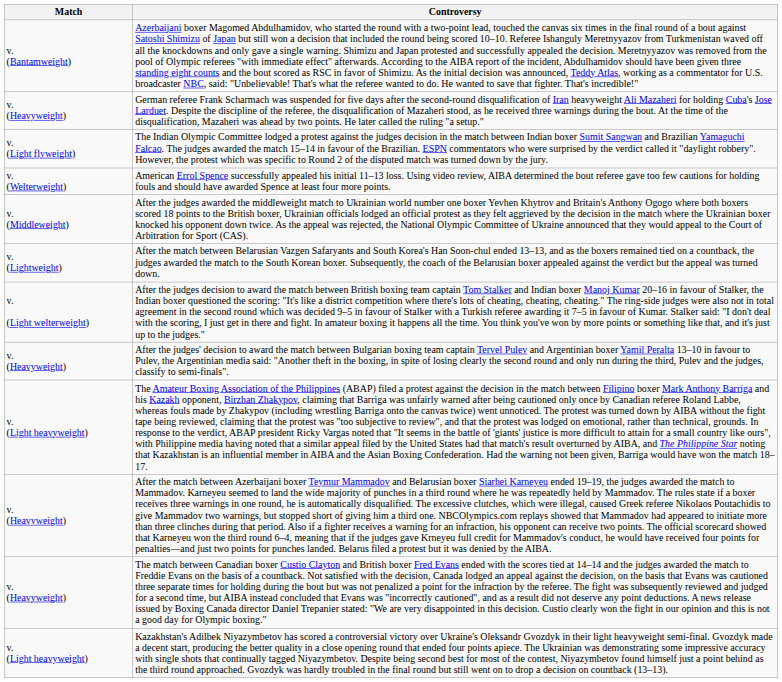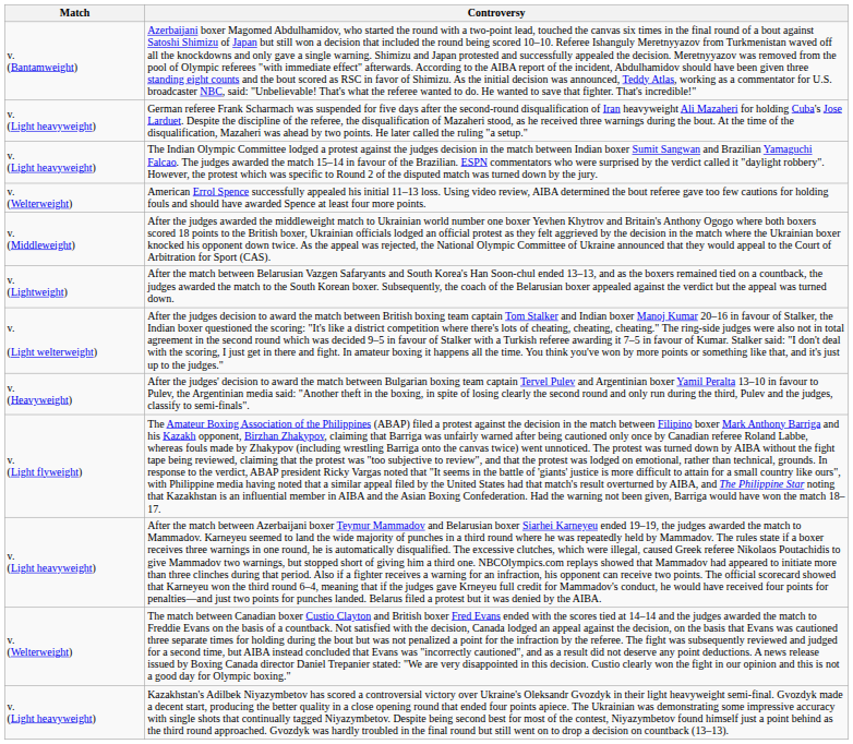 <table class="wikitable">
 <tr>
 <th scope="col" style="width:200px;">Match</th>
 <th>Controversy</th>
 </tr>
 <tr>
 <td> v.<br> (<a href='#'>Bantamweight</a>)</td>
 <td><a href='#'>Azerbaijani</a> boxer Magomed Abdulhamidov, who started the round with a two-point lead, touched the canvas six times in the final round of a bout against <a href='#'>Satoshi Shimizu</a> of <a href='#'>Japan</a> but still won a decision that included the round being scored 10–10. Referee Ishanguly Meretnyyazov from Turkmenistan waved off all the knockdowns and only gave a single warning. Shimizu and Japan protested and successfully appealed the decision. Meretnyyazov was removed from the pool of Olympic referees "with immediate effect" afterwards. According to the AIBA report of the incident, Abdulhamidov should have been given three <a href='#'>standing eight counts</a> and the bout scored as RSC in favor of Shimizu. As the initial decision was announced, <a href='#'>Teddy Atlas</a>, working as a commentator for U.S. broadcaster <a href='#'>NBC</a>, said: "Unbelievable! That's what the referee wanted to do.  He wanted to save that fighter. That's incredible!"</td>
 </tr>
 <tr>
-<td> v.<br> (<a href='#'>Heavyweight</a>)</td>
+<td> v.<br> (<a href='#'>Light heavyweight</a>)</td>
 <td>German referee Frank Scharmach was suspended for five days after the second-round disqualification of <a href='#'>Iran</a> heavyweight <a href='#'>Ali Mazaheri</a> for holding <a href='#'>Cuba</a>'s <a href='#'>Jose Larduet</a>.  Despite the discipline of the referee, the disqualification of Mazaheri stood, as he received three warnings during the bout. At the time of the disqualification, Mazaheri was ahead by two points. He later called the ruling "a setup."</td>
 </tr>
 <tr>
-<td> v.<br> (<a href='#'>Light flyweight</a>)</td>
+<td> v.<br> (<a href='#'>Light heavyweight</a>)</td>
 <td>The Indian Olympic Committee lodged a protest against the judges decision in the match between Indian boxer <a href='#'>Sumit Sangwan</a> and Brazilian <a href='#'>Yamaguchi Falcao</a>. The judges awarded the match 15–14 in favour of the Brazilian. <a href='#'>ESPN</a> commentators who were surprised by the verdict called it "daylight robbery". However, the protest which was specific to Round 2 of the disputed match was turned down by the jury.</td>
 </tr>
 <tr>
 <td> v.<br> (<a href='#'>Welterweight</a>)</td>
 <td>American <a href='#'>Errol Spence</a> successfully appealed his initial 11–13 loss. Using video review, AIBA determined the bout referee gave too few cautions for holding fouls and should have awarded Spence at least four more points.</td>
 </tr>
 <tr>
 <td> v.<br> (<a href='#'>Middleweight</a>)</td>
 <td>After the judges awarded the middleweight match to Ukrainian world number one boxer Yevhen Khytrov and Britain's Anthony Ogogo where both boxers scored 18 points to the British boxer, Ukrainian officials lodged an official protest as they felt aggrieved by the decision in the match where the Ukrainian boxer knocked his opponent down twice. As the appeal was rejected, the National Olympic Committee of Ukraine announced that they would appeal to the Court of Arbitration for Sport (CAS).</td>
 </tr>
 <tr>
 <td> v.<br> (<a href='#'>Lightweight</a>)</td>
 <td>After the match between Belarusian Vazgen Safaryants and South Korea's Han Soon-chul ended 13–13, and as the boxers remained tied on a countback, the judges awarded the match to the South Korean boxer. Subsequently, the coach of the Belarusian boxer appealed against the verdict but the appeal was turned down.</td>
 </tr>
 <tr>
 <td> v.<br><br>(<a href='#'>Light welterweight</a>)</td>
 <td>After the judges decision to award the match between British boxing team captain <a href='#'>Tom Stalker</a> and Indian boxer <a href='#'>Manoj Kumar</a> 20–16 in favour of Stalker, the Indian boxer questioned the scoring:  "It's like a district competition where there's lots of cheating, cheating, cheating." The ring-side judges were also not in total agreement in the second round which was decided 9–5 in favour of Stalker with a Turkish referee awarding it 7–5 in favour of Kumar. Stalker said: "I don't deal with the scoring, I just get in there and fight. In amateur boxing it happens all the time. You think you've won by more points or something like that, and it's just up to the judges."</td>
 </tr>
 <tr>
 <td> v.<br> (<a href='#'>Heavyweight</a>)</td>
 <td>After the judges' decision to award the match between Bulgarian boxing team captain <a href='#'>Tervel Pulev</a> and Argentinian boxer <a href='#'>Yamil Peralta</a> 13–10 in favour to Pulev, the Argentinian media said: "Another theft in the boxing, in spite of losing clearly the second round and only run during the third, Pulev and the judges, classify to semi-finals".</td>
 </tr>
 <tr>
-<td> v.<br> (<a href='#'>Light heavyweight</a>)</td>
+<td> v.<br> (<a href='#'>Light flyweight</a>)</td>
 <td>The <a href='#'>Amateur Boxing Association of the Philippines</a> (ABAP) filed a protest against the decision in the match between <a href='#'>Filipino</a> boxer <a href='#'>Mark Anthony Barriga</a> and his <a href='#'>Kazakh</a> opponent, <a href='#'>Birzhan Zhakypov</a>, claiming that Barriga was unfairly warned after being cautioned only once by Canadian referee Roland Labbe, whereas fouls made by Zhakypov (including wrestling Barriga onto the canvas twice) went unnoticed.  The protest was turned down by AIBA without the fight tape being reviewed, claiming that the protest was "too subjective to review", and that the protest was lodged on emotional, rather than technical, grounds.  In response to the verdict, ABAP president Ricky Vargas noted that "It seems in the battle of 'giants' justice is more difficult to attain for a small country like ours", with Philippine media having noted that a similar appeal filed by the United States had that match's result overturned by AIBA, and <em><a href='#'>The Philippine Star</a></em> noting that Kazakhstan is an influential member in AIBA and the Asian Boxing Confederation. Had the warning not been given, Barriga would have won the match 18–17.</td>
 </tr>
 <tr>
-<td> v.<br> (<a href='#'>Heavyweight</a>)</td>
+<td> v.<br> (<a href='#'>Light heavyweight</a>)</td>
 <td>After the match between Azerbaijani boxer <a href='#'>Teymur Mammadov</a> and Belarusian boxer <a href='#'>Siarhei Karneyeu</a> ended 19–19, the judges awarded the match to Mammadov. Karneyeu seemed to land the wide majority of punches in a third round where he was repeatedly held by Mammadov. The rules state if a boxer receives three warnings in one round, he is automatically disqualified. The excessive clutches, which were illegal, caused Greek referee Nikolaos Poutachidis to give Mammadov two warnings, but stopped short of giving him a third one. NBCOlympics.com replays showed that Mammadov had appeared to initiate more than three clinches during that period. Also if a fighter receives a warning for an infraction, his opponent can receive two points. The official scorecard showed that Karneyeu won the third round 6–4, meaning that if the judges gave Krneyeu full credit for Mammadov's conduct, he would have received four points for penalties—and just two points for punches landed. Belarus filed a protest but it was denied by the AIBA.</td>
 </tr>
 <tr>
-<td> v.<br> (<a href='#'>Heavyweight</a>)</td>
+<td> v.<br> (<a href='#'>Welterweight</a>)</td>
 <td>The match between Canadian boxer <a href='#'>Custio Clayton</a> and British boxer <a href='#'>Fred Evans</a> ended with the scores tied at 14–14 and the judges awarded the match to Freddie Evans on the basis of a countback. Not satisfied with the decision, Canada lodged an appeal against the decision, on the basis that Evans was cautioned three separate times for holding during the bout but was not penalized a point for the infraction by the referee.  The fight was subsequently reviewed and judged for a second time, but AIBA instead concluded that Evans was "incorrectly cautioned", and as a result did not deserve any point deductions. A news release issued by Boxing Canada director Daniel Trepanier stated: "We are very disappointed in this decision. Custio clearly won the fight in our opinion and this is not a good day for Olympic boxing."</td>
 </tr>
 <tr>
 <td> v.<br> (<a href='#'>Light heavyweight</a>)</td>
 <td>Kazakhstan's Adilbek Niyazymbetov has scored a controversial victory over Ukraine's Oleksandr Gvozdyk in their light heavyweight semi-final. Gvozdyk made a decent start, producing the better quality in a close opening round that ended four points apiece. The Ukrainian was demonstrating some impressive accuracy with single shots that continually tagged Niyazymbetov. Despite being second best for most of the contest, Niyazymbetov found himself just a point behind as the third round approached. Gvozdyk was hardly troubled in the final round but still went on to drop a decision on countback (13–13).</td>
 </tr>
 </table>
